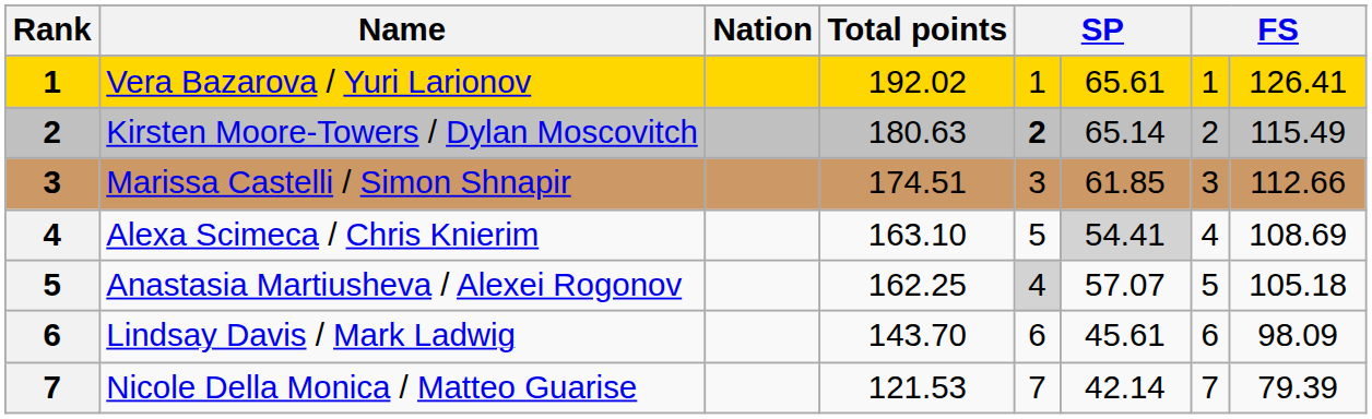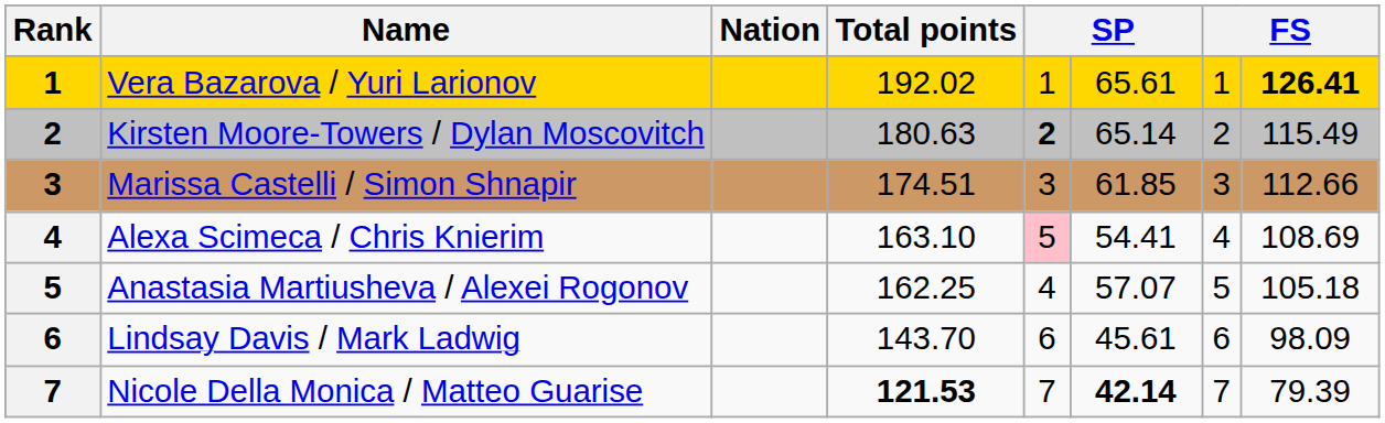 <table class="wikitable sortable">
 <tr>
 <th>Rank</th>
 <th>Name</th>
 <th>Nation</th>
 <th>Total points</th>
 <th colspan="2" width="80px"><a href='#'>SP</a></th>
 <th colspan="2" width="80px"><a href='#'>FS</a></th>
 </tr>
 <tr bgcolor="gold">
 <td align="center"><strong>1</strong></td>
 <td><a href='#'>Vera Bazarova</a> / <a href='#'>Yuri Larionov</a></td>
 <td></td>
 <td align="center">192.02</td>
 <td align="center">1</td>
 <td align="center">65.61</td>
 <td align="center">1</td>
-<td align="center">126.41</td>
+<td align="center"><strong>126.41</strong></td>
 </tr>
 <tr bgcolor="silver">
 <td align="center"><strong>2</strong></td>
 <td><a href='#'>Kirsten Moore-Towers</a> / <a href='#'>Dylan Moscovitch</a></td>
 <td></td>
 <td align="center">180.63</td>
 <td align="center"><strong>2</strong></td>
 <td align="center">65.14</td>
 <td align="center">2</td>
 <td align="center">115.49</td>
 </tr>
 <tr bgcolor="cc9966">
 <td align="center"><strong>3</strong></td>
 <td><a href='#'>Marissa Castelli</a> / <a href='#'>Simon Shnapir</a></td>
 <td></td>
 <td align="center">174.51</td>
 <td align="center">3</td>
 <td align="center">61.85</td>
 <td align="center">3</td>
 <td align="center">112.66</td>
 </tr>
 <tr>
 <th>4</th>
 <td><a href='#'>Alexa Scimeca</a> / <a href='#'>Chris Knierim</a></td>
 <td></td>
 <td align="center">163.10</td>
-<td align="center">5</td>
-<td align="center" style="background: lightgrey;">54.41</td>
+<td align="center" style="background: pink;">5</td>
+<td align="center">54.41</td>
 <td align="center">4</td>
 <td align="center">108.69</td>
 </tr>
 <tr>
 <th>5</th>
 <td><a href='#'>Anastasia Martiusheva</a> / <a href='#'>Alexei Rogonov</a></td>
 <td></td>
 <td align="center">162.25</td>
-<td align="center" style="background: lightgrey;">4</td>
+<td align="center">4</td>
 <td align="center">57.07</td>
 <td align="center">5</td>
 <td align="center">105.18</td>
 </tr>
 <tr>
 <th>6</th>
 <td><a href='#'>Lindsay Davis</a> / <a href='#'>Mark Ladwig</a></td>
 <td></td>
 <td align="center">143.70</td>
 <td align="center">6</td>
 <td align="center">45.61</td>
 <td align="center">6</td>
 <td align="center">98.09</td>
 </tr>
 <tr>
 <th>7</th>
 <td><a href='#'>Nicole Della Monica</a> / <a href='#'>Matteo Guarise</a></td>
 <td></td>
-<td align="center">121.53</td>
+<td align="center"><strong>121.53</strong></td>
 <td align="center">7</td>
-<td align="center">42.14</td>
+<td align="center"><strong>42.14</strong></td>
 <td align="center">7</td>
 <td align="center">79.39</td>
 </tr>
 </table>
